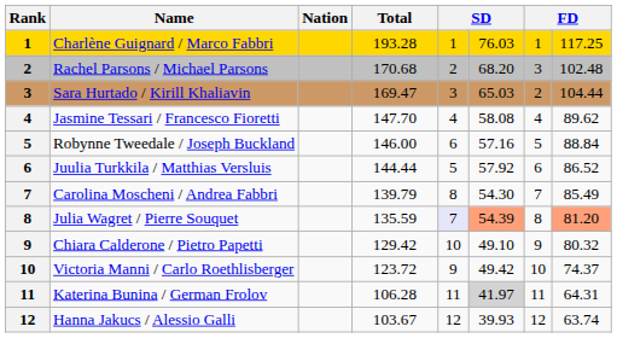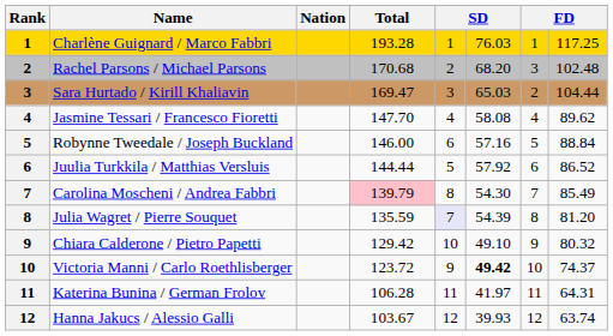 <table class="wikitable sortable">
 <tr>
 <th>Rank</th>
 <th>Name</th>
 <th>Nation</th>
 <th width="80px">Total</th>
 <th colspan="2" width="80px"><a href='#'>SD</a></th>
 <th colspan="2" width="80px"><a href='#'>FD</a></th>
 </tr>
 <tr bgcolor="gold">
 <td align="center"><strong>1</strong></td>
 <td><a href='#'>Charlène Guignard</a> / <a href='#'>Marco Fabbri</a></td>
 <td></td>
 <td align="center">193.28</td>
 <td align="center">1</td>
 <td align="center">76.03</td>
 <td align="center">1</td>
 <td align="center">117.25</td>
 </tr>
 <tr bgcolor="silver">
 <td align="center"><strong>2</strong></td>
 <td><a href='#'>Rachel Parsons</a> / <a href='#'>Michael Parsons</a></td>
 <td></td>
 <td align="center">170.68</td>
 <td align="center">2</td>
 <td align="center">68.20</td>
 <td align="center">3</td>
 <td align="center">102.48</td>
 </tr>
 <tr bgcolor="cc9966">
 <td align="center"><strong>3</strong></td>
 <td><a href='#'>Sara Hurtado</a> / <a href='#'>Kirill Khaliavin</a></td>
 <td></td>
 <td align="center">169.47</td>
 <td align="center">3</td>
 <td align="center">65.03</td>
 <td align="center">2</td>
 <td align="center">104.44</td>
 </tr>
 <tr>
 <th>4</th>
 <td><a href='#'>Jasmine Tessari</a> / <a href='#'>Francesco Fioretti</a></td>
 <td></td>
 <td align="center">147.70</td>
 <td align="center">4</td>
 <td align="center">58.08</td>
 <td align="center">4</td>
 <td align="center">89.62</td>
 </tr>
 <tr>
 <th>5</th>
 <td>Robynne Tweedale / <a href='#'>Joseph Buckland</a></td>
 <td></td>
 <td align="center">146.00</td>
 <td align="center">6</td>
 <td align="center">57.16</td>
 <td align="center">5</td>
 <td align="center">88.84</td>
 </tr>
 <tr>
 <th>6</th>
 <td><a href='#'>Juulia Turkkila</a> / <a href='#'>Matthias Versluis</a></td>
 <td></td>
 <td align="center">144.44</td>
 <td align="center">5</td>
 <td align="center">57.92</td>
 <td align="center">6</td>
 <td align="center">86.52</td>
 </tr>
 <tr>
 <th>7</th>
 <td><a href='#'>Carolina Moscheni</a> / <a href='#'>Andrea Fabbri</a></td>
 <td></td>
-<td align="center">139.79</td>
+<td align="center" style="background: pink;">139.79</td>
 <td align="center">8</td>
 <td align="center">54.30</td>
 <td align="center">7</td>
 <td align="center">85.49</td>
 </tr>
 <tr>
 <th>8</th>
 <td><a href='#'>Julia Wagret</a> / <a href='#'>Pierre Souquet</a></td>
 <td></td>
 <td align="center">135.59</td>
 <td align="center" style="background: lavender;">7</td>
-<td align="center" style="background: lightsalmon;">54.39</td>
+<td align="center">54.39</td>
 <td align="center">8</td>
-<td align="center" style="background: lightsalmon;">81.20</td>
+<td align="center">81.20</td>
 </tr>
 <tr>
 <th>9</th>
 <td><a href='#'>Chiara Calderone</a> / <a href='#'>Pietro Papetti</a></td>
 <td></td>
 <td align="center">129.42</td>
 <td align="center">10</td>
 <td align="center">49.10</td>
 <td align="center">9</td>
 <td align="center">80.32</td>
 </tr>
 <tr>
 <th>10</th>
 <td><a href='#'>Victoria Manni</a> / <a href='#'>Carlo Roethlisberger</a></td>
 <td></td>
 <td align="center">123.72</td>
 <td align="center">9</td>
-<td align="center">49.42</td>
+<td align="center"><strong>49.42</strong></td>
 <td align="center">10</td>
 <td align="center">74.37</td>
 </tr>
 <tr>
 <th>11</th>
 <td><a href='#'>Katerina Bunina</a> / <a href='#'>German Frolov</a></td>
 <td></td>
 <td align="center">106.28</td>
 <td align="center">11</td>
-<td align="center" style="background: lightgrey;">41.97</td>
+<td align="center">41.97</td>
 <td align="center">11</td>
 <td align="center">64.31</td>
 </tr>
 <tr>
 <th>12</th>
 <td><a href='#'>Hanna Jakucs</a> / <a href='#'>Alessio Galli</a></td>
 <td></td>
 <td align="center">103.67</td>
 <td align="center">12</td>
 <td align="center">39.93</td>
 <td align="center">12</td>
 <td align="center">63.74</td>
 </tr>
 </table>
